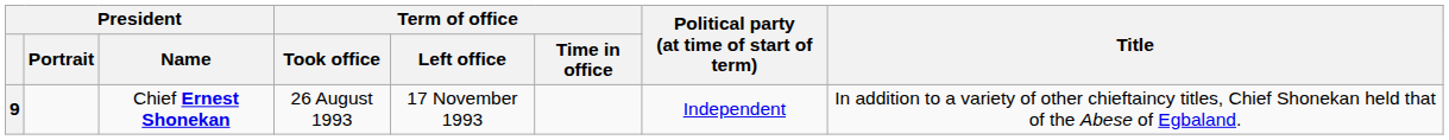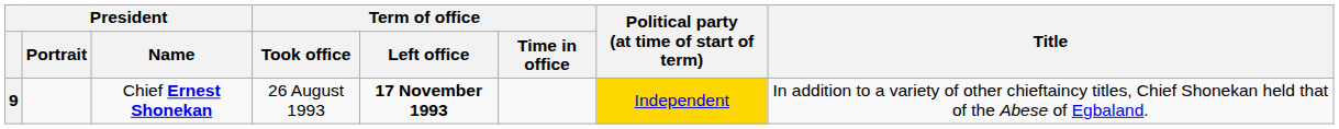 <table class="wikitable" style="text-align:center">
 <tr>
 <th colspan=3>President</th>
 <th colspan=3>Term of office</th>
 <th rowspan=2>Political party<br>(at time of start of term)</th>
 <th rowspan=2>Title</th>
 </tr>
 <tr>
 <th></th>
 <th>Portrait</th>
 <th>Name<br></th>
 <th>Took office</th>
 <th>Left office</th>
 <th>Time in office</th>
 </tr>
 <tr>
 <th style="background:">9</th>
 <td></td>
 <td>Chief <strong><a href='#'>Ernest Shonekan</a></strong><br></td>
 <td>26 August 1993</td>
-<td>17 November 1993<br></td>
+<td><strong>17 November 1993<br></strong></td>
 <td></td>
-<td><a href='#'>Independent</a></td>
+<td style="background: gold;"><a href='#'>Independent</a></td>
 <td>In addition to a variety of other chieftaincy titles, Chief Shonekan held that of the <em>Abese</em> of <a href='#'>Egbaland</a>.</td>
 </tr>
 </table>
